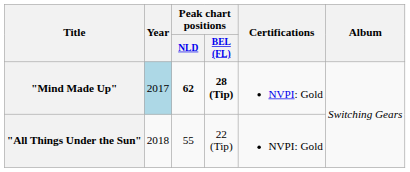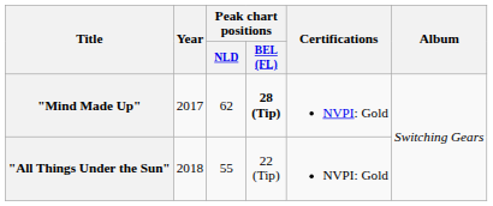 <table class="wikitable plainrowheaders" style="text-align:center;" border="1">
 <tr>
 <th scope="col" rowspan="2">Title</th>
 <th scope="col" rowspan="2">Year</th>
 <th colspan="2">Peak chart positions</th>
 <th rowspan="2">Certifications</th>
 <th scope="col" rowspan="2">Album</th>
 </tr>
 <tr>
 <th scope="col" style="width:3em;font-size:85%;"><a href='#'>NLD</a><br></th>
 <th scope="col" style="width:3em;font-size:85%;"><a href='#'>BEL (FL)</a><br></th>
 </tr>
 <tr>
 <th scope="row">"Mind Made Up"</th>
-<td style="background: lightblue;">2017</td>
-<td><strong>62</strong></td>
+<td>2017</td>
+<td>62</td>
 <td><strong>28 (Tip)</strong></td>
 <td><br><ul><li><a href='#'>NVPI</a>: Gold</li></ul></td>
 <td rowspan="2"><em>Switching Gears</em></td>
 </tr>
 <tr>
 <th scope="row">"All Things Under the Sun"</th>
 <td>2018</td>
 <td>55</td>
 <td>22 (Tip)</td>
 <td><br><ul><li>NVPI: Gold</li></ul></td>
 </tr>
 </table>
